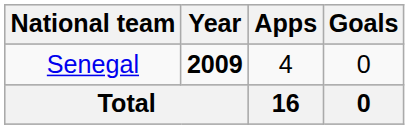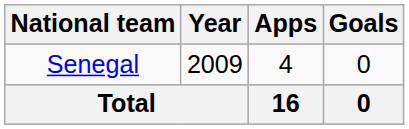 <table class="wikitable" style="text-align:center">
 <tr>
 <th>National team</th>
 <th>Year</th>
 <th>Apps</th>
 <th>Goals</th>
 </tr>
 <tr>
 <td><a href='#'>Senegal</a></td>
-<td><strong>2009</strong></td>
+<td>2009</td>
 <td>4</td>
 <td>0</td>
 </tr>
 <tr>
 <th colspan="2">Total</th>
 <th>16</th>
 <th>0</th>
 </tr>
 </table>
